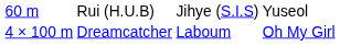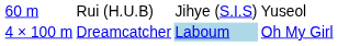 <table>
 <tr>
 <td><a href='#'>60 m</a></td>
 <td>Rui (H.U.B)</td>
 <td>Jihye (<a href='#'>S.I.S</a>)</td>
 <td>Yuseol</td>
 </tr>
 <tr>
 <td><a href='#'>4 × 100 m</a></td>
 <td><a href='#'>Dreamcatcher</a></td>
-<td><a href='#'>Laboum</a></td>
+<td style="background: lightblue;"><a href='#'>Laboum</a></td>
 <td><a href='#'>Oh My Girl</a></td>
 </tr>
 </table>
